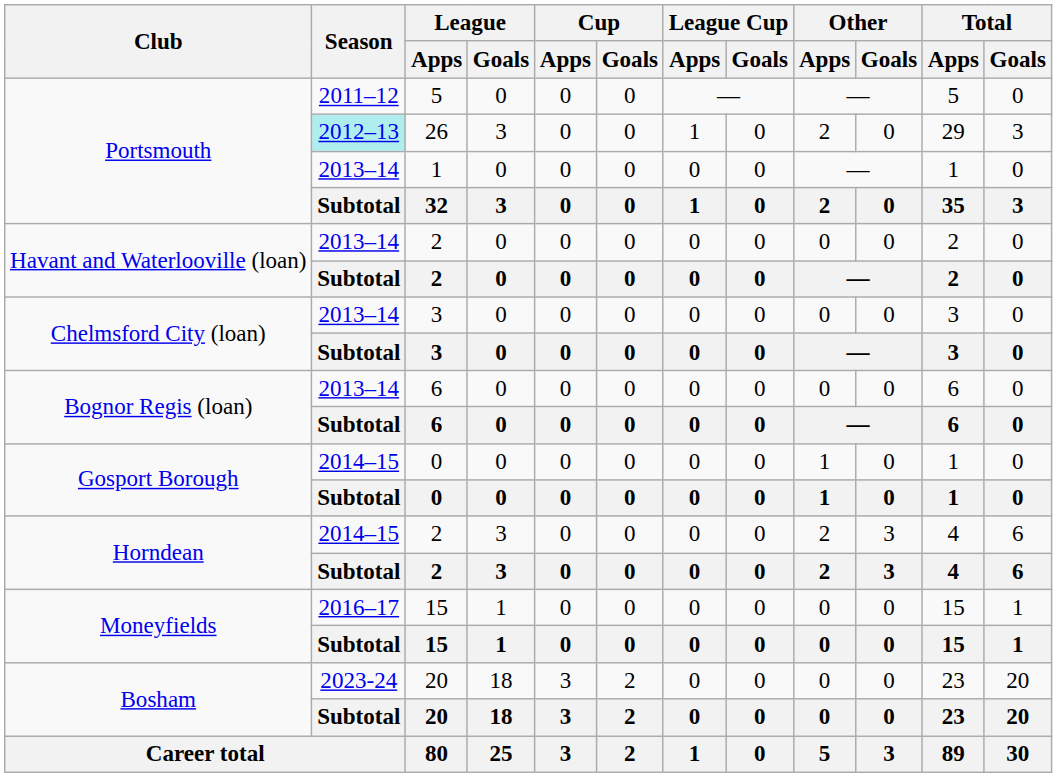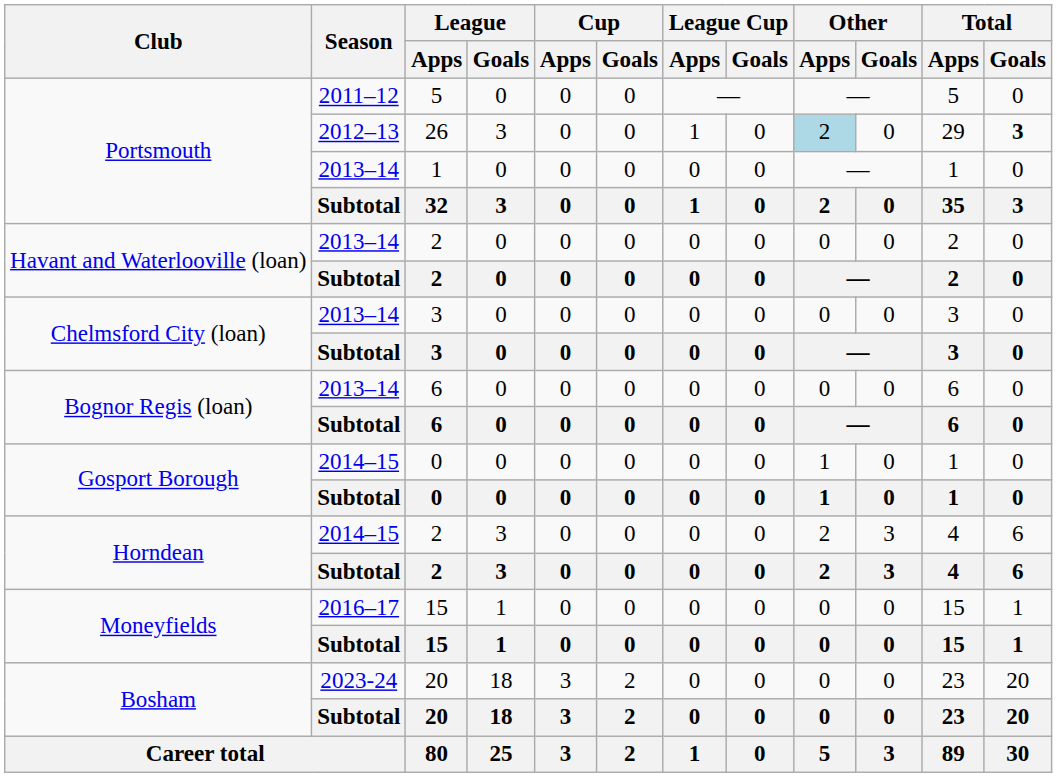 <table class="wikitable" style="text-align:center">
 <tr>
 <th rowspan="2">Club</th>
 <th rowspan="2">Season</th>
 <th colspan="2">League</th>
 <th colspan="2">Cup</th>
 <th colspan="2">League Cup</th>
 <th colspan="2">Other</th>
 <th ! colspan="2">Total</th>
 </tr>
 <tr>
 <th>Apps</th>
 <th>Goals</th>
 <th>Apps</th>
 <th>Goals</th>
 <th>Apps</th>
 <th>Goals</th>
 <th>Apps</th>
 <th>Goals</th>
 <th>Apps</th>
 <th>Goals</th>
 </tr>
 <tr>
 <td rowspan="4"><a href='#'>Portsmouth</a></td>
 <td><a href='#'>2011–12</a></td>
 <td>5</td>
 <td>0</td>
 <td>0</td>
 <td>0</td>
 <td colspan="2">—</td>
 <td colspan="2">—</td>
 <td>5</td>
 <td>0</td>
 </tr>
 <tr>
-<td style="background: paleturquoise;"><a href='#'>2012–13</a></td>
+<td><a href='#'>2012–13</a></td>
 <td>26</td>
 <td>3</td>
 <td>0</td>
 <td>0</td>
 <td>1</td>
 <td>0</td>
-<td>2</td>
+<td style="background: lightblue;">2</td>
 <td>0</td>
 <td>29</td>
-<td>3</td>
+<td><strong>3</strong></td>
 </tr>
 <tr>
 <td><a href='#'>2013–14</a></td>
 <td>1</td>
 <td>0</td>
 <td>0</td>
 <td>0</td>
 <td>0</td>
 <td>0</td>
 <td colspan="2">—</td>
 <td>1</td>
 <td>0</td>
 </tr>
 <tr>
 <th>Subtotal</th>
 <th>32</th>
 <th>3</th>
 <th>0</th>
 <th>0</th>
 <th>1</th>
 <th>0</th>
 <th>2</th>
 <th>0</th>
 <th>35</th>
 <th>3</th>
 </tr>
 <tr>
 <td rowspan="2"><a href='#'>Havant and Waterlooville</a> (loan)</td>
 <td><a href='#'>2013–14</a></td>
 <td>2</td>
 <td>0</td>
 <td>0</td>
 <td>0</td>
 <td>0</td>
 <td>0</td>
 <td>0</td>
 <td>0</td>
 <td>2</td>
 <td>0</td>
 </tr>
 <tr>
 <th>Subtotal</th>
 <th>2</th>
 <th>0</th>
 <th>0</th>
 <th>0</th>
 <th>0</th>
 <th>0</th>
 <th colspan="2">—</th>
 <th>2</th>
 <th>0</th>
 </tr>
 <tr>
 <td rowspan="2"><a href='#'>Chelmsford City</a> (loan)</td>
 <td><a href='#'>2013–14</a></td>
 <td>3</td>
 <td>0</td>
 <td>0</td>
 <td>0</td>
 <td>0</td>
 <td>0</td>
 <td>0</td>
 <td>0</td>
 <td>3</td>
 <td>0</td>
 </tr>
 <tr>
 <th>Subtotal</th>
 <th>3</th>
 <th>0</th>
 <th>0</th>
 <th>0</th>
 <th>0</th>
 <th>0</th>
 <th colspan="2">—</th>
 <th>3</th>
 <th>0</th>
 </tr>
 <tr>
 <td rowspan="2"><a href='#'>Bognor Regis</a> (loan)</td>
 <td><a href='#'>2013–14</a></td>
 <td>6</td>
 <td>0</td>
 <td>0</td>
 <td>0</td>
 <td>0</td>
 <td>0</td>
 <td>0</td>
 <td>0</td>
 <td>6</td>
 <td>0</td>
 </tr>
 <tr>
 <th>Subtotal</th>
 <th>6</th>
 <th>0</th>
 <th>0</th>
 <th>0</th>
 <th>0</th>
 <th>0</th>
 <th colspan="2">—</th>
 <th>6</th>
 <th>0</th>
 </tr>
 <tr>
 <td rowspan="2"><a href='#'>Gosport Borough</a></td>
 <td><a href='#'>2014–15</a></td>
 <td>0</td>
 <td>0</td>
 <td>0</td>
 <td>0</td>
 <td>0</td>
 <td>0</td>
 <td>1</td>
 <td>0</td>
 <td>1</td>
 <td>0</td>
 </tr>
 <tr>
 <th>Subtotal</th>
 <th>0</th>
 <th>0</th>
 <th>0</th>
 <th>0</th>
 <th>0</th>
 <th>0</th>
 <th>1</th>
 <th>0</th>
 <th>1</th>
 <th>0</th>
 </tr>
 <tr>
 <td rowspan="2"><a href='#'>Horndean</a></td>
 <td><a href='#'>2014–15</a></td>
 <td>2</td>
 <td>3</td>
 <td>0</td>
 <td>0</td>
 <td>0</td>
 <td>0</td>
 <td>2</td>
 <td>3</td>
 <td>4</td>
 <td>6</td>
 </tr>
 <tr>
 <th>Subtotal</th>
 <th>2</th>
 <th>3</th>
 <th>0</th>
 <th>0</th>
 <th>0</th>
 <th>0</th>
 <th>2</th>
 <th>3</th>
 <th>4</th>
 <th>6</th>
 </tr>
 <tr>
 <td rowspan="2"><a href='#'>Moneyfields</a></td>
 <td><a href='#'>2016–17</a></td>
 <td>15</td>
 <td>1</td>
 <td>0</td>
 <td>0</td>
 <td>0</td>
 <td>0</td>
 <td>0</td>
 <td>0</td>
 <td>15</td>
 <td>1</td>
 </tr>
 <tr>
 <th>Subtotal</th>
 <th>15</th>
 <th>1</th>
 <th>0</th>
 <th>0</th>
 <th>0</th>
 <th>0</th>
 <th>0</th>
 <th>0</th>
 <th>15</th>
 <th>1</th>
 </tr>
 <tr>
 <td rowspan="2"><a href='#'>Bosham</a></td>
 <td><a href='#'>2023-24</a></td>
 <td>20</td>
 <td>18</td>
 <td>3</td>
 <td>2</td>
 <td>0</td>
 <td>0</td>
 <td>0</td>
 <td>0</td>
 <td>23</td>
 <td>20</td>
 </tr>
 <tr>
 <th>Subtotal</th>
 <th>20</th>
 <th>18</th>
 <th>3</th>
 <th>2</th>
 <th>0</th>
 <th>0</th>
 <th>0</th>
 <th>0</th>
 <th>23</th>
 <th>20</th>
 </tr>
 <tr>
 <th colspan="2">Career total</th>
 <th>80</th>
 <th>25</th>
 <th>3</th>
 <th>2</th>
 <th>1</th>
 <th>0</th>
 <th>5</th>
 <th>3</th>
 <th>89</th>
 <th>30</th>
 </tr>
 </table>
